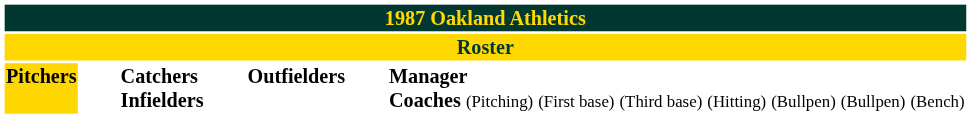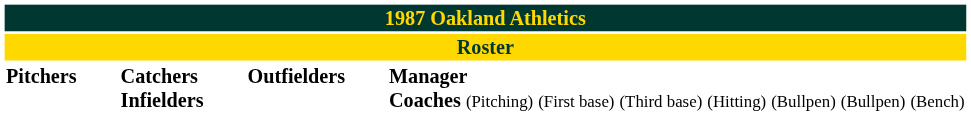 <table class="toccolours" style="font-size: 95%;">
 <tr>
 <th colspan="10" style="background:#003831; color:#ffd800; text-align:center;">1987 Oakland Athletics</th>
 </tr>
 <tr>
 <td colspan="7" style="background:#ffd800; color:#003831; text-align:center;"><strong>Roster</strong></td>
 </tr>
 <tr>
-<td valign="top" style="background: gold;"><strong>Pitchers</strong><br>                     </td>
+<td valign="top"><strong>Pitchers</strong><br>                     </td>
 <td style="width:25px;"></td>
 <td valign="top"><strong>Catchers</strong><br>   <strong>Infielders</strong>           </td>
 <td style="width:25px;"></td>
 <td valign="top"><strong>Outfielders</strong><br>        </td>
 <td style="width:25px;"></td>
 <td valign="top"><strong>Manager</strong><br> <strong>Coaches</strong>  <small>(Pitching)</small>  <small>(First base)</small>  <small>(Third base)</small>  <small>(Hitting)</small>  <small>(Bullpen)</small>  <small>(Bullpen)</small>  <small>(Bench)</small></td>
 </tr>
 </table>
